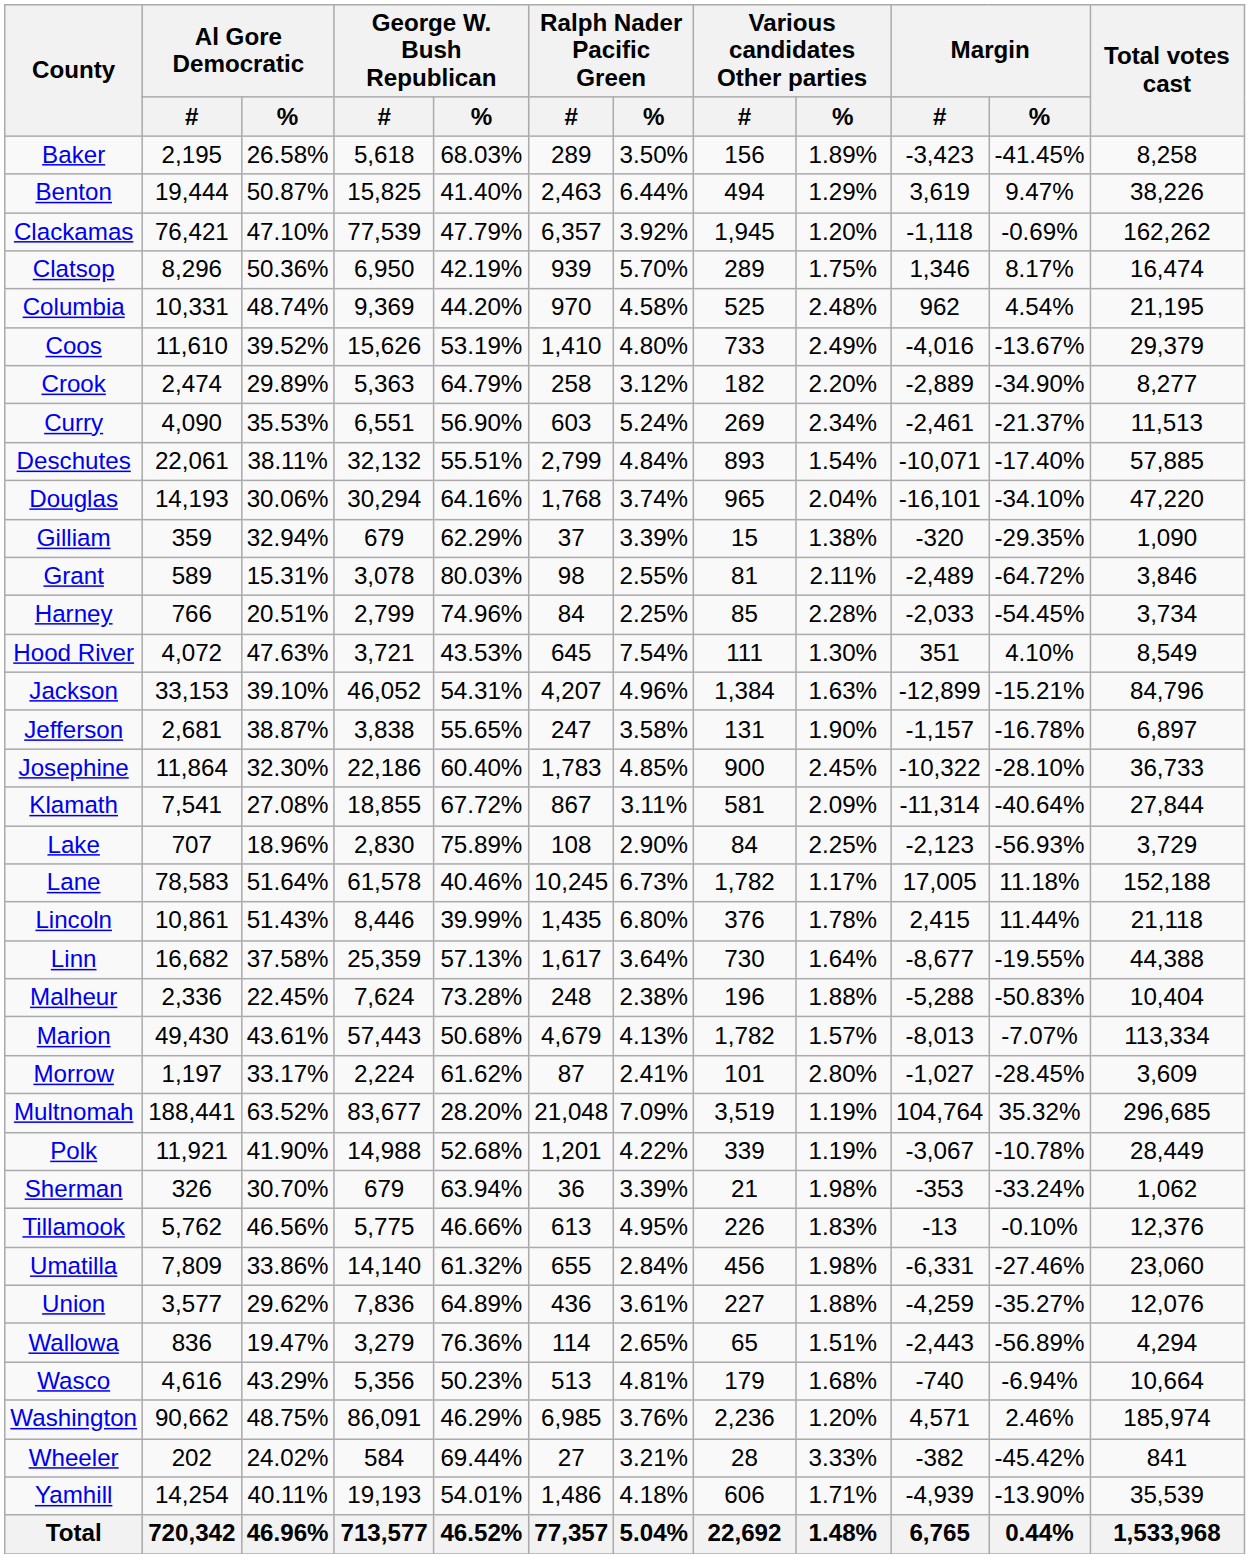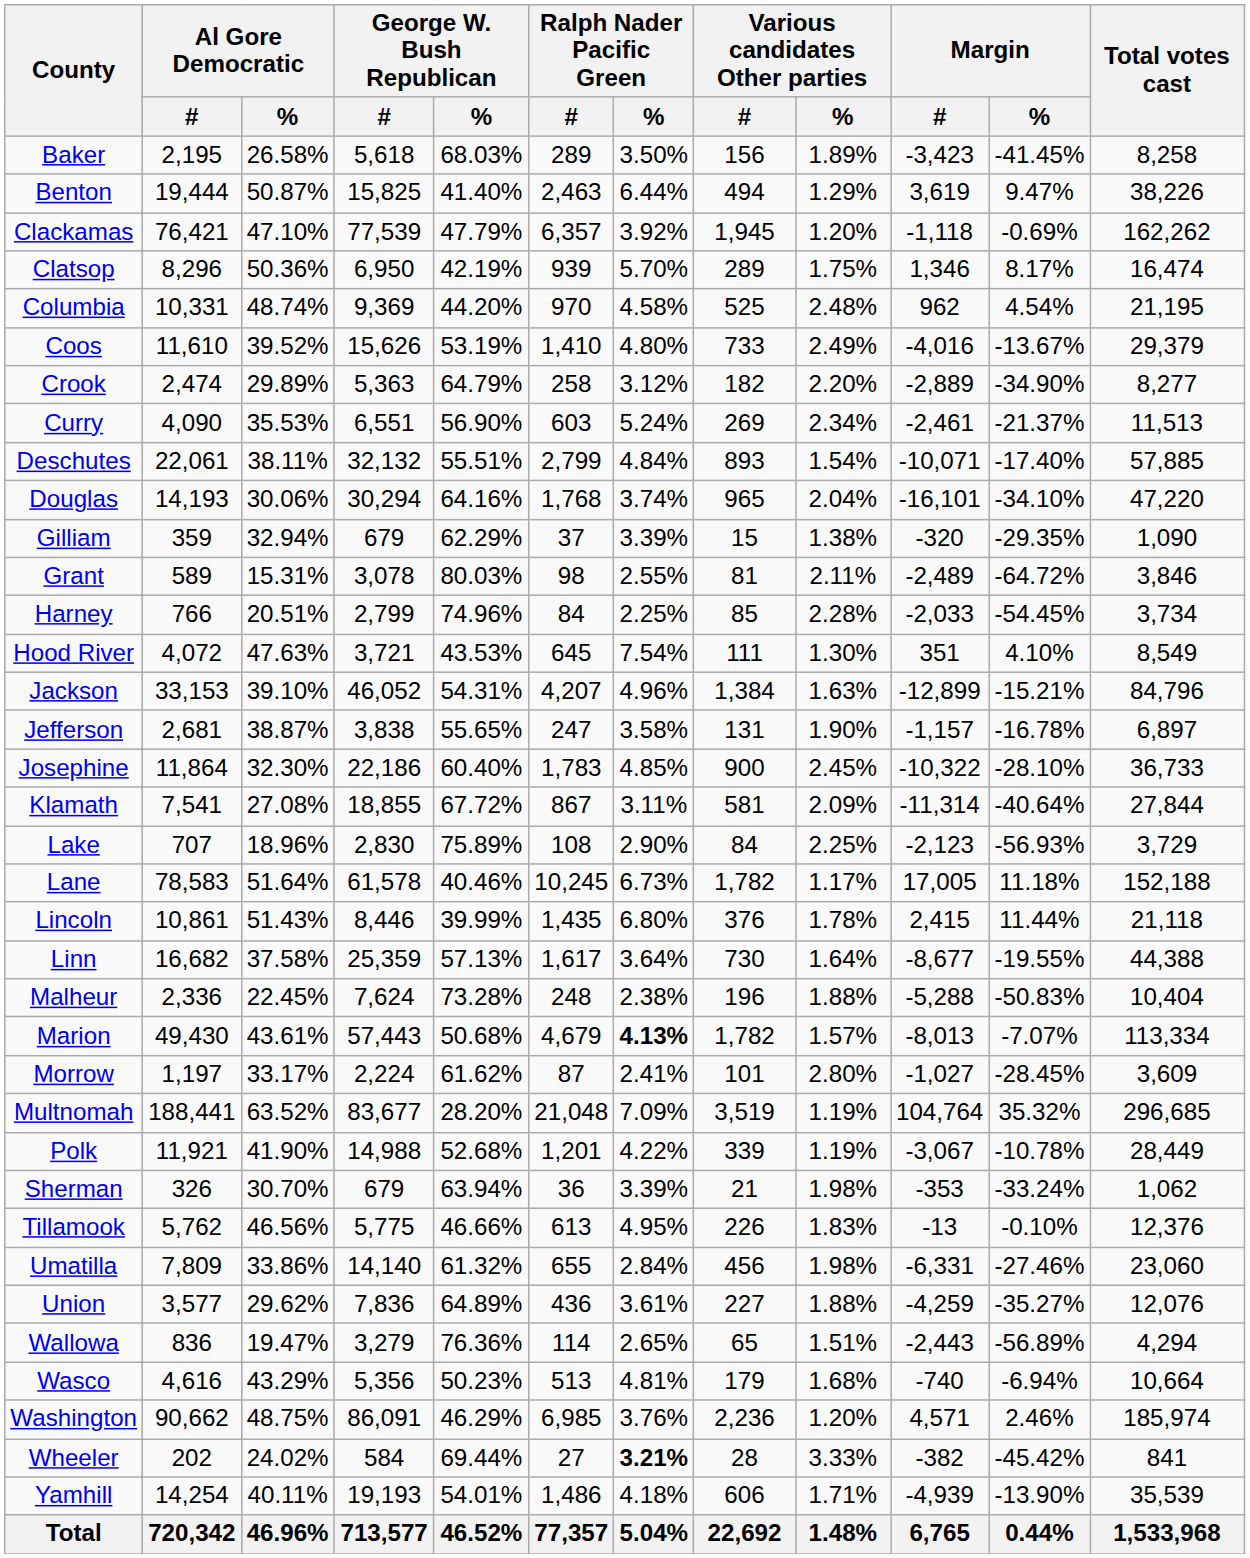 <table width="65%"  class="wikitable sortable" style="text-align:center">
 <tr>
 <th style="text-align:center;" rowspan="2">County</th>
 <th style="text-align:center;" colspan="2">Al Gore<br>Democratic</th>
 <th style="text-align:center;" colspan="2">George W. Bush<br>Republican</th>
 <th style="text-align:center;" colspan="2">Ralph Nader<br>Pacific Green</th>
 <th style="text-align:center;" colspan="2">Various candidates<br>Other parties</th>
 <th style="text-align:center;" colspan="2">Margin</th>
 <th style="text-align:center;" rowspan="2">Total votes cast</th>
 </tr>
 <tr>
 <th style="text-align:center;" data-sort-type="number">#</th>
 <th style="text-align:center;" data-sort-type="number">%</th>
 <th style="text-align:center;" data-sort-type="number">#</th>
 <th style="text-align:center;" data-sort-type="number">%</th>
 <th style="text-align:center;" data-sort-type="number">#</th>
 <th style="text-align:center;" data-sort-type="number">%</th>
 <th style="text-align:center;" data-sort-type="number">#</th>
 <th style="text-align:center;" data-sort-type="number">%</th>
 <th style="text-align:center;" data-sort-type="number">#</th>
 <th style="text-align:center;" data-sort-type="number">%</th>
 </tr>
 <tr style="text-align:center;">
 <td><a href='#'>Baker</a></td>
 <td>2,195</td>
 <td>26.58%</td>
 <td>5,618</td>
 <td>68.03%</td>
 <td>289</td>
 <td>3.50%</td>
 <td>156</td>
 <td>1.89%</td>
 <td>-3,423</td>
 <td>-41.45%</td>
 <td>8,258</td>
 </tr>
 <tr style="text-align:center;">
 <td><a href='#'>Benton</a></td>
 <td>19,444</td>
 <td>50.87%</td>
 <td>15,825</td>
 <td>41.40%</td>
 <td>2,463</td>
 <td>6.44%</td>
 <td>494</td>
 <td>1.29%</td>
 <td>3,619</td>
 <td>9.47%</td>
 <td>38,226</td>
 </tr>
 <tr style="text-align:center;">
 <td><a href='#'>Clackamas</a></td>
 <td>76,421</td>
 <td>47.10%</td>
 <td>77,539</td>
 <td>47.79%</td>
 <td>6,357</td>
 <td>3.92%</td>
 <td>1,945</td>
 <td>1.20%</td>
 <td>-1,118</td>
 <td>-0.69%</td>
 <td>162,262</td>
 </tr>
 <tr style="text-align:center;">
 <td><a href='#'>Clatsop</a></td>
 <td>8,296</td>
 <td>50.36%</td>
 <td>6,950</td>
 <td>42.19%</td>
 <td>939</td>
 <td>5.70%</td>
 <td>289</td>
 <td>1.75%</td>
 <td>1,346</td>
 <td>8.17%</td>
 <td>16,474</td>
 </tr>
 <tr style="text-align:center;">
 <td><a href='#'>Columbia</a></td>
 <td>10,331</td>
 <td>48.74%</td>
 <td>9,369</td>
 <td>44.20%</td>
 <td>970</td>
 <td>4.58%</td>
 <td>525</td>
 <td>2.48%</td>
 <td>962</td>
 <td>4.54%</td>
 <td>21,195</td>
 </tr>
 <tr style="text-align:center;">
 <td><a href='#'>Coos</a></td>
 <td>11,610</td>
 <td>39.52%</td>
 <td>15,626</td>
 <td>53.19%</td>
 <td>1,410</td>
 <td>4.80%</td>
 <td>733</td>
 <td>2.49%</td>
 <td>-4,016</td>
 <td>-13.67%</td>
 <td>29,379</td>
 </tr>
 <tr style="text-align:center;">
 <td><a href='#'>Crook</a></td>
 <td>2,474</td>
 <td>29.89%</td>
 <td>5,363</td>
 <td>64.79%</td>
 <td>258</td>
 <td>3.12%</td>
 <td>182</td>
 <td>2.20%</td>
 <td>-2,889</td>
 <td>-34.90%</td>
 <td>8,277</td>
 </tr>
 <tr style="text-align:center;">
 <td><a href='#'>Curry</a></td>
 <td>4,090</td>
 <td>35.53%</td>
 <td>6,551</td>
 <td>56.90%</td>
 <td>603</td>
 <td>5.24%</td>
 <td>269</td>
 <td>2.34%</td>
 <td>-2,461</td>
 <td>-21.37%</td>
 <td>11,513</td>
 </tr>
 <tr style="text-align:center;">
 <td><a href='#'>Deschutes</a></td>
 <td>22,061</td>
 <td>38.11%</td>
 <td>32,132</td>
 <td>55.51%</td>
 <td>2,799</td>
 <td>4.84%</td>
 <td>893</td>
 <td>1.54%</td>
 <td>-10,071</td>
 <td>-17.40%</td>
 <td>57,885</td>
 </tr>
 <tr style="text-align:center;">
 <td><a href='#'>Douglas</a></td>
 <td>14,193</td>
 <td>30.06%</td>
 <td>30,294</td>
 <td>64.16%</td>
 <td>1,768</td>
 <td>3.74%</td>
 <td>965</td>
 <td>2.04%</td>
 <td>-16,101</td>
 <td>-34.10%</td>
 <td>47,220</td>
 </tr>
 <tr style="text-align:center;">
 <td><a href='#'>Gilliam</a></td>
 <td>359</td>
 <td>32.94%</td>
 <td>679</td>
 <td>62.29%</td>
 <td>37</td>
 <td>3.39%</td>
 <td>15</td>
 <td>1.38%</td>
 <td>-320</td>
 <td>-29.35%</td>
 <td>1,090</td>
 </tr>
 <tr style="text-align:center;">
 <td><a href='#'>Grant</a></td>
 <td>589</td>
 <td>15.31%</td>
 <td>3,078</td>
 <td>80.03%</td>
 <td>98</td>
 <td>2.55%</td>
 <td>81</td>
 <td>2.11%</td>
 <td>-2,489</td>
 <td>-64.72%</td>
 <td>3,846</td>
 </tr>
 <tr style="text-align:center;">
 <td><a href='#'>Harney</a></td>
 <td>766</td>
 <td>20.51%</td>
 <td>2,799</td>
 <td>74.96%</td>
 <td>84</td>
 <td>2.25%</td>
 <td>85</td>
 <td>2.28%</td>
 <td>-2,033</td>
 <td>-54.45%</td>
 <td>3,734</td>
 </tr>
 <tr style="text-align:center;">
 <td><a href='#'>Hood River</a></td>
 <td>4,072</td>
 <td>47.63%</td>
 <td>3,721</td>
 <td>43.53%</td>
 <td>645</td>
 <td>7.54%</td>
 <td>111</td>
 <td>1.30%</td>
 <td>351</td>
 <td>4.10%</td>
 <td>8,549</td>
 </tr>
 <tr style="text-align:center;">
 <td><a href='#'>Jackson</a></td>
 <td>33,153</td>
 <td>39.10%</td>
 <td>46,052</td>
 <td>54.31%</td>
 <td>4,207</td>
 <td>4.96%</td>
 <td>1,384</td>
 <td>1.63%</td>
 <td>-12,899</td>
 <td>-15.21%</td>
 <td>84,796</td>
 </tr>
 <tr style="text-align:center;">
 <td><a href='#'>Jefferson</a></td>
 <td>2,681</td>
 <td>38.87%</td>
 <td>3,838</td>
 <td>55.65%</td>
 <td>247</td>
 <td>3.58%</td>
 <td>131</td>
 <td>1.90%</td>
 <td>-1,157</td>
 <td>-16.78%</td>
 <td>6,897</td>
 </tr>
 <tr style="text-align:center;">
 <td><a href='#'>Josephine</a></td>
 <td>11,864</td>
 <td>32.30%</td>
 <td>22,186</td>
 <td>60.40%</td>
 <td>1,783</td>
 <td>4.85%</td>
 <td>900</td>
 <td>2.45%</td>
 <td>-10,322</td>
 <td>-28.10%</td>
 <td>36,733</td>
 </tr>
 <tr style="text-align:center;">
 <td><a href='#'>Klamath</a></td>
 <td>7,541</td>
 <td>27.08%</td>
 <td>18,855</td>
 <td>67.72%</td>
 <td>867</td>
 <td>3.11%</td>
 <td>581</td>
 <td>2.09%</td>
 <td>-11,314</td>
 <td>-40.64%</td>
 <td>27,844</td>
 </tr>
 <tr style="text-align:center;">
 <td><a href='#'>Lake</a></td>
 <td>707</td>
 <td>18.96%</td>
 <td>2,830</td>
 <td>75.89%</td>
 <td>108</td>
 <td>2.90%</td>
 <td>84</td>
 <td>2.25%</td>
 <td>-2,123</td>
 <td>-56.93%</td>
 <td>3,729</td>
 </tr>
 <tr style="text-align:center;">
 <td><a href='#'>Lane</a></td>
 <td>78,583</td>
 <td>51.64%</td>
 <td>61,578</td>
 <td>40.46%</td>
 <td>10,245</td>
 <td>6.73%</td>
 <td>1,782</td>
 <td>1.17%</td>
 <td>17,005</td>
 <td>11.18%</td>
 <td>152,188</td>
 </tr>
 <tr style="text-align:center;">
 <td><a href='#'>Lincoln</a></td>
 <td>10,861</td>
 <td>51.43%</td>
 <td>8,446</td>
 <td>39.99%</td>
 <td>1,435</td>
 <td>6.80%</td>
 <td>376</td>
 <td>1.78%</td>
 <td>2,415</td>
 <td>11.44%</td>
 <td>21,118</td>
 </tr>
 <tr style="text-align:center;">
 <td><a href='#'>Linn</a></td>
 <td>16,682</td>
 <td>37.58%</td>
 <td>25,359</td>
 <td>57.13%</td>
 <td>1,617</td>
 <td>3.64%</td>
 <td>730</td>
 <td>1.64%</td>
 <td>-8,677</td>
 <td>-19.55%</td>
 <td>44,388</td>
 </tr>
 <tr style="text-align:center;">
 <td><a href='#'>Malheur</a></td>
 <td>2,336</td>
 <td>22.45%</td>
 <td>7,624</td>
 <td>73.28%</td>
 <td>248</td>
 <td>2.38%</td>
 <td>196</td>
 <td>1.88%</td>
 <td>-5,288</td>
 <td>-50.83%</td>
 <td>10,404</td>
 </tr>
 <tr style="text-align:center;">
 <td><a href='#'>Marion</a></td>
 <td>49,430</td>
 <td>43.61%</td>
 <td>57,443</td>
 <td>50.68%</td>
 <td>4,679</td>
-<td>4.13%</td>
+<td><strong>4.13%</strong></td>
 <td>1,782</td>
 <td>1.57%</td>
 <td>-8,013</td>
 <td>-7.07%</td>
 <td>113,334</td>
 </tr>
 <tr style="text-align:center;">
 <td><a href='#'>Morrow</a></td>
 <td>1,197</td>
 <td>33.17%</td>
 <td>2,224</td>
 <td>61.62%</td>
 <td>87</td>
 <td>2.41%</td>
 <td>101</td>
 <td>2.80%</td>
 <td>-1,027</td>
 <td>-28.45%</td>
 <td>3,609</td>
 </tr>
 <tr style="text-align:center;">
 <td><a href='#'>Multnomah</a></td>
 <td>188,441</td>
 <td>63.52%</td>
 <td>83,677</td>
 <td>28.20%</td>
 <td>21,048</td>
 <td>7.09%</td>
 <td>3,519</td>
 <td>1.19%</td>
 <td>104,764</td>
 <td>35.32%</td>
 <td>296,685</td>
 </tr>
 <tr style="text-align:center;">
 <td><a href='#'>Polk</a></td>
 <td>11,921</td>
 <td>41.90%</td>
 <td>14,988</td>
 <td>52.68%</td>
 <td>1,201</td>
 <td>4.22%</td>
 <td>339</td>
 <td>1.19%</td>
 <td>-3,067</td>
 <td>-10.78%</td>
 <td>28,449</td>
 </tr>
 <tr style="text-align:center;">
 <td><a href='#'>Sherman</a></td>
 <td>326</td>
 <td>30.70%</td>
 <td>679</td>
 <td>63.94%</td>
 <td>36</td>
 <td>3.39%</td>
 <td>21</td>
 <td>1.98%</td>
 <td>-353</td>
 <td>-33.24%</td>
 <td>1,062</td>
 </tr>
 <tr style="text-align:center;">
 <td><a href='#'>Tillamook</a></td>
 <td>5,762</td>
 <td>46.56%</td>
 <td>5,775</td>
 <td>46.66%</td>
 <td>613</td>
 <td>4.95%</td>
 <td>226</td>
 <td>1.83%</td>
 <td>-13</td>
 <td>-0.10%</td>
 <td>12,376</td>
 </tr>
 <tr style="text-align:center;">
 <td><a href='#'>Umatilla</a></td>
 <td>7,809</td>
 <td>33.86%</td>
 <td>14,140</td>
 <td>61.32%</td>
 <td>655</td>
 <td>2.84%</td>
 <td>456</td>
 <td>1.98%</td>
 <td>-6,331</td>
 <td>-27.46%</td>
 <td>23,060</td>
 </tr>
 <tr style="text-align:center;">
 <td><a href='#'>Union</a></td>
 <td>3,577</td>
 <td>29.62%</td>
 <td>7,836</td>
 <td>64.89%</td>
 <td>436</td>
 <td>3.61%</td>
 <td>227</td>
 <td>1.88%</td>
 <td>-4,259</td>
 <td>-35.27%</td>
 <td>12,076</td>
 </tr>
 <tr style="text-align:center;">
 <td><a href='#'>Wallowa</a></td>
 <td>836</td>
 <td>19.47%</td>
 <td>3,279</td>
 <td>76.36%</td>
 <td>114</td>
 <td>2.65%</td>
 <td>65</td>
 <td>1.51%</td>
 <td>-2,443</td>
 <td>-56.89%</td>
 <td>4,294</td>
 </tr>
 <tr style="text-align:center;">
 <td><a href='#'>Wasco</a></td>
 <td>4,616</td>
 <td>43.29%</td>
 <td>5,356</td>
 <td>50.23%</td>
 <td>513</td>
 <td>4.81%</td>
 <td>179</td>
 <td>1.68%</td>
 <td>-740</td>
 <td>-6.94%</td>
 <td>10,664</td>
 </tr>
 <tr style="text-align:center;">
 <td><a href='#'>Washington</a></td>
 <td>90,662</td>
 <td>48.75%</td>
 <td>86,091</td>
 <td>46.29%</td>
 <td>6,985</td>
 <td>3.76%</td>
 <td>2,236</td>
 <td>1.20%</td>
 <td>4,571</td>
 <td>2.46%</td>
 <td>185,974</td>
 </tr>
 <tr style="text-align:center;">
 <td><a href='#'>Wheeler</a></td>
 <td>202</td>
 <td>24.02%</td>
 <td>584</td>
 <td>69.44%</td>
 <td>27</td>
-<td>3.21%</td>
+<td><strong>3.21%</strong></td>
 <td>28</td>
 <td>3.33%</td>
 <td>-382</td>
 <td>-45.42%</td>
 <td>841</td>
 </tr>
 <tr style="text-align:center;">
 <td><a href='#'>Yamhill</a></td>
 <td>14,254</td>
 <td>40.11%</td>
 <td>19,193</td>
 <td>54.01%</td>
 <td>1,486</td>
 <td>4.18%</td>
 <td>606</td>
 <td>1.71%</td>
 <td>-4,939</td>
 <td>-13.90%</td>
 <td>35,539</td>
 </tr>
 <tr style="text-align:center;">
 <th>Total</th>
 <th>720,342</th>
 <th>46.96%</th>
 <th>713,577</th>
 <th>46.52%</th>
 <th>77,357</th>
 <th>5.04%</th>
 <th>22,692</th>
 <th>1.48%</th>
 <th>6,765</th>
 <th>0.44%</th>
 <th>1,533,968</th>
 </tr>
 </table>
